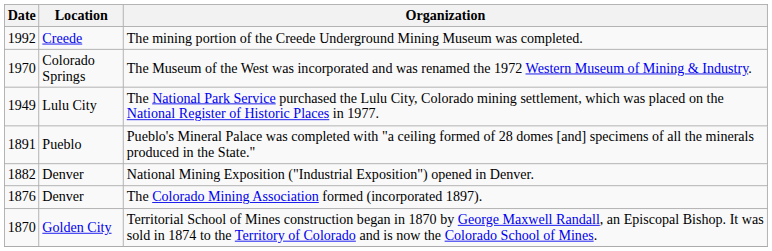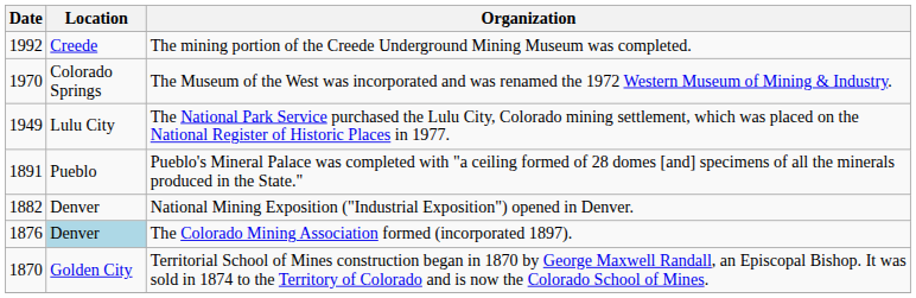 <table class="wikitable sortable">
 <tr>
 <th>Date</th>
 <th>Location</th>
 <th>Organization</th>
 </tr>
 <tr>
 <td>1992</td>
 <td><a href='#'>Creede</a></td>
 <td>The mining portion of the Creede Underground Mining Museum was completed.</td>
 </tr>
 <tr>
 <td>1970</td>
 <td>Colorado Springs</td>
 <td>The Museum of the West was incorporated and was renamed the 1972 <a href='#'>Western Museum of Mining & Industry</a>.</td>
 </tr>
 <tr>
 <td>1949</td>
 <td>Lulu City</td>
 <td>The <a href='#'>National Park Service</a> purchased the Lulu City, Colorado mining settlement, which was placed on the <a href='#'>National Register of Historic Places</a> in 1977.</td>
 </tr>
 <tr>
 <td>1891</td>
 <td>Pueblo</td>
 <td>Pueblo's Mineral Palace was completed with "a ceiling formed of 28 domes [and] specimens of all the minerals produced in the State."</td>
 </tr>
 <tr>
 <td>1882</td>
 <td>Denver</td>
 <td>National Mining Exposition ("Industrial Exposition") opened in Denver.</td>
 </tr>
 <tr>
 <td>1876</td>
-<td>Denver</td>
+<td style="background: lightblue;">Denver</td>
 <td>The <a href='#'>Colorado Mining Association</a> formed (incorporated 1897).</td>
 </tr>
 <tr>
 <td>1870</td>
 <td><a href='#'>Golden City</a></td>
 <td>Territorial School of Mines construction began in 1870 by <a href='#'>George Maxwell Randall</a>, an Episcopal Bishop. It was sold in 1874 to the <a href='#'>Territory of Colorado</a> and is now the <a href='#'>Colorado School of Mines</a>.</td>
 </tr>
 <tr>
 </tr>
 </table>
